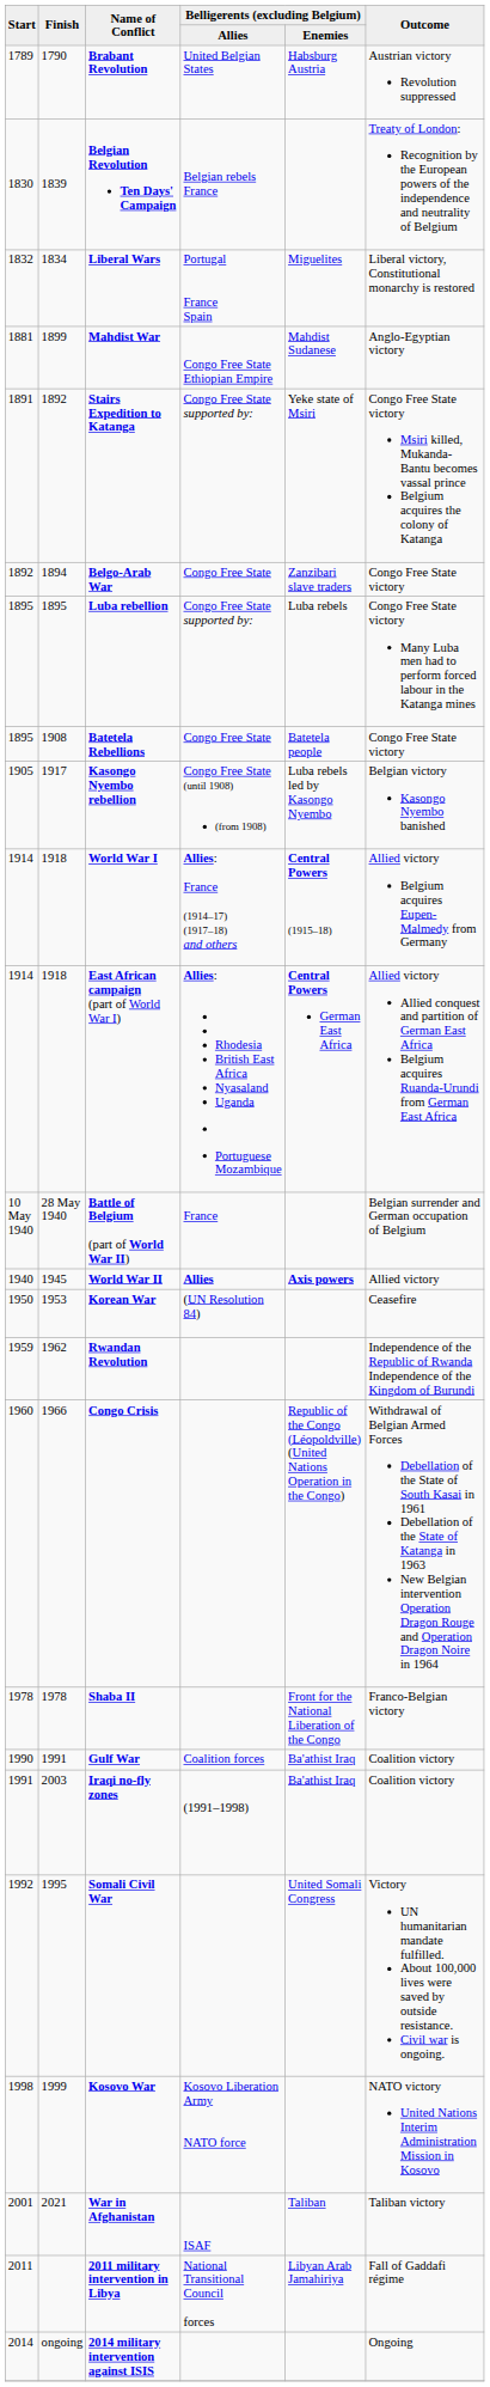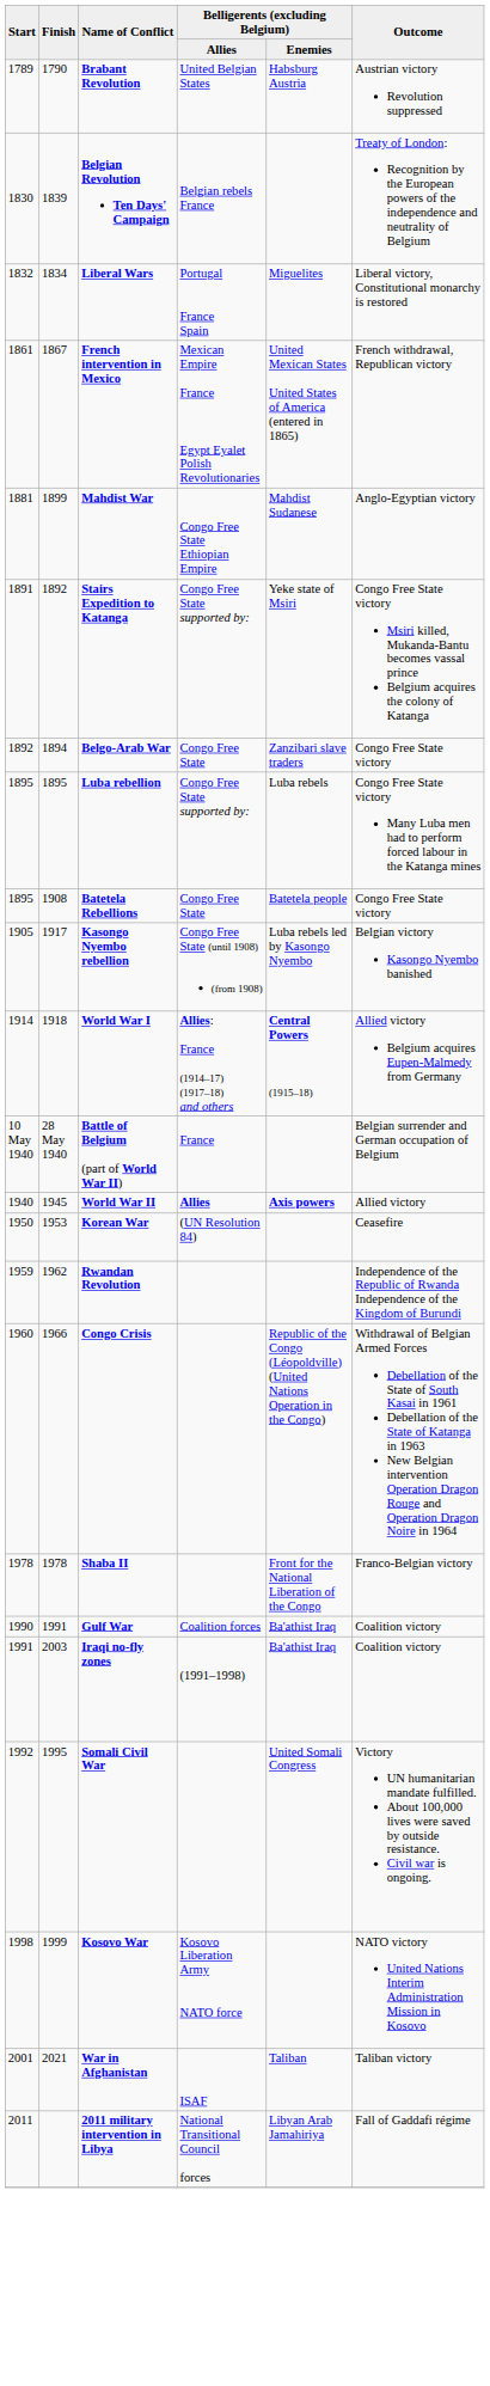 <table class="wikitable" align="center">
 <tr>
 <th rowspan="2" style="background:#efefef;">Start</th>
 <th rowspan="2" style="background:#efefef;">Finish</th>
 <th rowspan="2" style="background:#efefef;">Name of Conflict</th>
 <th colspan="2" style="background:#efefef;">Belligerents (excluding Belgium)</th>
 <th rowspan="2" style="background:#efefef;">Outcome</th>
 </tr>
 <tr>
 <th style="background:#efefef;">Allies</th>
 <th style="background:#efefef;">Enemies</th>
 </tr>
 <tr valign="top">
 <td>1789</td>
 <td>1790</td>
 <td><strong><a href='#'>Brabant Revolution</a></strong></td>
 <td> <a href='#'>United Belgian States</a></td>
 <td> <a href='#'>Habsburg Austria</a></td>
 <td>Austrian victory<br><ul><li>Revolution suppressed</li></ul></td>
 </tr>
 <tr>
 <td>1830</td>
 <td>1839</td>
 <td><strong><a href='#'>Belgian Revolution</a></strong><br><ul><li><strong><a href='#'>Ten Days' Campaign</a></strong></li></ul></td>
 <td> <a href='#'>Belgian rebels</a><br> <a href='#'>France</a></td>
 <td></td>
 <td><a href='#'>Treaty of London</a>:<br><ul><li>Recognition by the European powers of the independence and neutrality of Belgium</li></ul></td>
 </tr>
 <tr valign="top">
 <td>1832</td>
 <td>1834</td>
 <td><strong><a href='#'>Liberal Wars</a></strong></td>
 <td> <a href='#'>Portugal</a><br><br> <br>  <a href='#'>France</a><br>  <a href='#'>Spain</a><br></td>
 <td> <a href='#'>Miguelites</a><br></td>
 <td>Liberal victory, Constitutional monarchy is restored</td>
+</tr>
+<tr valign="top">
+<td>1861</td>
+<td>1867</td>
+<td><strong><a href='#'>French intervention in Mexico</a></strong></td>
+<td> <a href='#'>Mexican Empire</a><br><br> <a href='#'>France</a><br> <br><br><br> <a href='#'>Egypt Eyalet</a><br> <a href='#'>Polish Revolutionaries</a></td>
+<td> <a href='#'>United Mexican States</a><br><br> <a href='#'>United States of America</a> (entered in 1865)</td>
+<td>French withdrawal, Republican victory</td>
 </tr>
 <tr valign="top">
 <td>1881</td>
 <td>1899</td>
 <td><strong><a href='#'>Mahdist War</a></strong></td>
 <td><br><br> <a href='#'>Congo Free State</a><br> <a href='#'>Ethiopian Empire</a></td>
 <td> <a href='#'>Mahdist</a> <a href='#'>Sudanese</a></td>
 <td>Anglo-Egyptian victory</td>
 </tr>
 <tr valign="top">
 <td>1891</td>
 <td>1892</td>
 <td><strong><a href='#'>Stairs Expedition to Katanga</a></strong></td>
 <td> <a href='#'>Congo Free State</a><br><em>supported by:</em><br></td>
 <td>Yeke state of <a href='#'>Msiri</a></td>
 <td>Congo Free State victory<br><ul><li><a href='#'>Msiri</a> killed, Mukanda-Bantu becomes vassal prince</li><li>Belgium acquires the colony of Katanga</li></ul></td>
 </tr>
 <tr valign="top">
 <td>1892</td>
 <td>1894</td>
 <td><strong><a href='#'>Belgo-Arab War</a></strong></td>
 <td> <a href='#'>Congo Free State</a></td>
 <td> <a href='#'>Zanzibari slave traders</a></td>
 <td>Congo Free State victory</td>
 </tr>
 <tr valign="top">
 <td>1895</td>
 <td>1895</td>
 <td><strong><a href='#'>Luba rebellion</a></strong></td>
 <td> <a href='#'>Congo Free State</a><br><em>supported by:</em><br></td>
 <td>Luba rebels</td>
 <td>Congo Free State victory<br><ul><li>Many Luba men had to perform forced labour in the Katanga mines</li></ul></td>
 </tr>
 <tr valign="top">
 <td>1895</td>
 <td>1908</td>
 <td><strong><a href='#'>Batetela Rebellions</a></strong></td>
 <td> <a href='#'>Congo Free State</a><br></td>
 <td><a href='#'>Batetela people</a><br></td>
 <td>Congo Free State victory</td>
 </tr>
 <tr valign="top">
 <td>1905</td>
 <td>1917</td>
 <td><strong><a href='#'>Kasongo Nyembo rebellion</a></strong></td>
 <td> <a href='#'>Congo Free State</a> <small>(until 1908)</small><br><br><ul><li> <small>(from 1908)</small></li></ul></td>
 <td>Luba rebels led by <a href='#'>Kasongo Nyembo</a></td>
 <td>Belgian victory<br><ul><li><a href='#'>Kasongo Nyembo</a> banished</li></ul></td>
 </tr>
 <tr valign="top">
 <td>1914</td>
 <td>1918</td>
 <td><strong><a href='#'>World War I</a></strong></td>
 <td><strong><a href='#'>Allies</a></strong>:<br><br> <a href='#'>France</a><br> <br>  <small>(1914–17)</small><br>  <small>(1917–18)</small><br> <a href='#'><em>and others</em></a></td>
 <td><strong><a href='#'>Central Powers</a></strong><br><br> <br> <br>  <small>(1915–18)</small></td>
 <td><a href='#'>Allied</a> victory<br><ul><li>Belgium acquires <a href='#'>Eupen-Malmedy</a> from Germany</li></ul></td>
-</tr>
-<tr valign="top">
-<td>1914</td>
-<td>1918</td>
-<td><strong><a href='#'>East African campaign</a></strong><br> (part of <a href='#'>World War I</a>)</td>
-<td><strong><a href='#'>Allies</a></strong>:<br><br><ul><li></li><li></li><li> <a href='#'>Rhodesia</a></li><li> <a href='#'>British East Africa</a></li><li> <a href='#'>Nyasaland</a></li><li> <a href='#'>Uganda</a></li></ul><ul><li></li></ul><ul><li> <a href='#'>Portuguese Mozambique</a></li></ul></td>
-<td><strong><a href='#'>Central Powers</a></strong><br><ul><li> <a href='#'>German East Africa</a></li></ul></td>
-<td><a href='#'>Allied</a> victory<br><ul><li>Allied conquest and partition of <a href='#'>German East Africa</a></li><li>Belgium acquires <a href='#'>Ruanda-Urundi</a> from <a href='#'>German East Africa</a></li></ul></td>
 </tr>
 <tr valign="top">
 <td>10 May<br>1940</td>
 <td>28 May<br>1940</td>
 <td><strong><a href='#'>Battle of Belgium</a></strong><br><br>(part of <strong><a href='#'>World War II</a></strong>)</td>
 <td><br> <a href='#'>France</a><br><br><br> <br> </td>
 <td></td>
 <td>Belgian surrender and German occupation of Belgium</td>
 </tr>
 <tr valign="top">
 <td>1940</td>
 <td>1945</td>
 <td><strong><a href='#'>World War II</a></strong></td>
 <td><strong><a href='#'>Allies</a></strong></td>
 <td><strong><a href='#'>Axis powers</a></strong></td>
 <td>Allied victory</td>
 </tr>
 <tr valign="top">
 <td>1950</td>
 <td>1953</td>
 <td><strong><a href='#'>Korean War</a></strong></td>
 <td> (<a href='#'>UN Resolution 84</a>)</td>
 <td><br><br><br> </td>
 <td>Ceasefire</td>
 </tr>
 <tr valign="top">
 <td>1959</td>
 <td>1962</td>
 <td><strong><a href='#'>Rwandan Revolution</a></strong></td>
 <td></td>
 <td></td>
 <td>Independence of the <a href='#'>Republic of Rwanda</a><br>Independence of the <a href='#'>Kingdom of Burundi</a></td>
 </tr>
 <tr valign="top">
 <td>1960</td>
 <td>1966</td>
 <td><strong><a href='#'>Congo Crisis</a></strong></td>
 <td><br></td>
 <td> <a href='#'>Republic of the Congo (Léopoldville)</a><br> (<a href='#'>United Nations Operation in the Congo</a>)</td>
 <td>Withdrawal of Belgian Armed Forces<br><ul><li><a href='#'>Debellation</a> of the State of <a href='#'>South Kasai</a> in 1961</li><li>Debellation of the <a href='#'>State of Katanga</a> in 1963</li><li>New Belgian intervention <a href='#'>Operation Dragon Rouge</a> and <a href='#'>Operation Dragon Noire</a> in 1964</li></ul></td>
 </tr>
 <tr valign="top">
 <td>1978</td>
 <td>1978</td>
 <td><strong><a href='#'>Shaba II</a></strong></td>
 <td><br><br><br> </td>
 <td> <a href='#'>Front for the National Liberation of the Congo</a></td>
 <td>Franco-Belgian victory</td>
 </tr>
 <tr valign="top">
 <td>1990</td>
 <td>1991</td>
 <td><strong><a href='#'>Gulf War</a></strong></td>
 <td><a href='#'>Coalition forces</a></td>
 <td> <a href='#'>Ba'athist Iraq</a></td>
 <td>Coalition victory</td>
 </tr>
 <tr valign="top">
 <td>1991</td>
 <td>2003</td>
 <td><strong><a href='#'>Iraqi no-fly zones</a></strong></td>
 <td><br><br> (1991–1998)<br><br><br><br><br></td>
 <td> <a href='#'>Ba'athist Iraq</a></td>
 <td>Coalition victory</td>
 </tr>
 <tr valign="top">
 <td>1992</td>
 <td>1995</td>
 <td><strong><a href='#'>Somali Civil War</a></strong></td>
 <td><br><br><br><br><br><br><br><br><br><br><br><br><br></td>
 <td> <a href='#'>United Somali Congress</a></td>
 <td>Victory<br><ul><li>UN humanitarian mandate fulfilled.</li><li>About 100,000 lives were saved by outside resistance.</li><li><a href='#'>Civil war</a> is ongoing.</li></ul></td>
 </tr>
 <tr valign="top">
 <td>1998</td>
 <td>1999</td>
 <td><strong><a href='#'>Kosovo War</a></strong></td>
 <td> <a href='#'>Kosovo Liberation Army</a><br><br><br>  <a href='#'>NATO force</a></td>
 <td></td>
 <td>NATO victory<br><ul><li><a href='#'>United Nations Interim Administration Mission in Kosovo</a></li></ul></td>
 </tr>
 <tr valign="top">
 <td>2001</td>
 <td>2021</td>
 <td><strong><a href='#'>War in Afghanistan</a></strong></td>
 <td><br><br><br>  <a href='#'>ISAF</a><br></td>
 <td> <a href='#'>Taliban</a></td>
 <td>Taliban victory</td>
 </tr>
 <tr valign="top">
 <td>2011</td>
 <td></td>
 <td><strong><a href='#'>2011 military intervention in Libya</a></strong></td>
 <td> <a href='#'>National Transitional Council</a><br><br> forces<br></td>
 <td> <a href='#'>Libyan Arab Jamahiriya</a></td>
 <td>Fall of Gaddafi régime</td>
 </tr>
-<tr valign="top">
-<td>2014</td>
-<td>ongoing</td>
-<td><strong><a href='#'>2014 military intervention against ISIS</a></strong></td>
-<td></td>
-<td></td>
-<td>Ongoing</td>
-</tr>
 <tr>
 </tr>
 </table>
